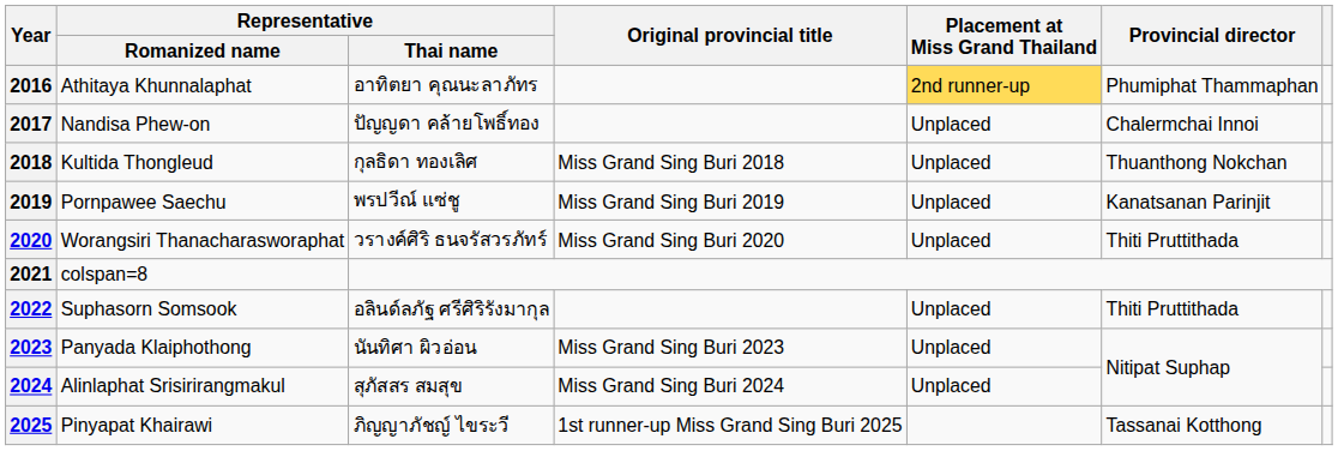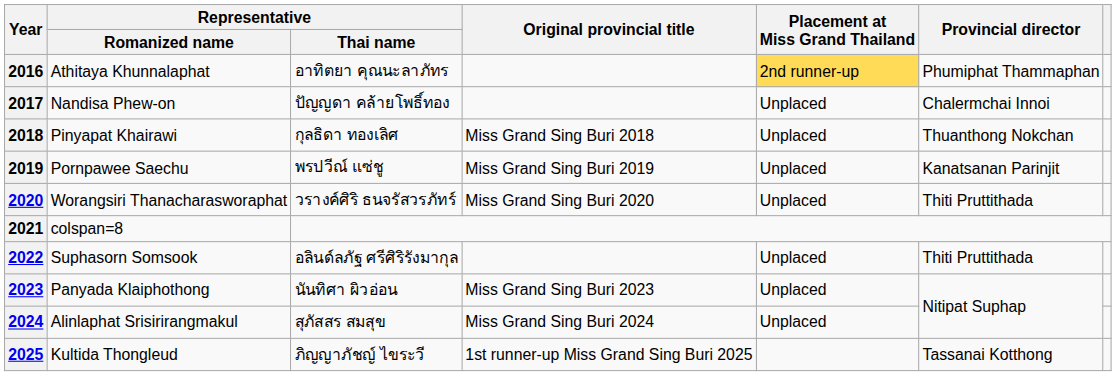 <table class="wikitable defaultcenter col2left col3left col6left" style="font-size:95%;">
 <tr>
 <th rowspan=2>Year</th>
 <th colspan=2>Representative</th>
 <th rowspan=2>Original provincial title</th>
 <th rowspan=2>Placement at<br>Miss Grand Thailand</th>
 <th rowspan=2>Provincial director</th>
 <th rowspan=2></th>
 </tr>
 <tr>
 <th>Romanized name</th>
 <th>Thai name</th>
 </tr>
 <tr>
 <th>2016</th>
 <td>Athitaya Khunnalaphat</td>
 <td>อาทิตยา คุณนะลาภัทร</td>
 <td></td>
 <td bgcolor=#FFDB58>2nd runner-up</td>
 <td>Phumiphat Thammaphan</td>
 <td></td>
 </tr>
 <tr>
 <th>2017</th>
 <td>Nandisa Phew-on</td>
 <td>ปัญญดา คล้ายโพธิ์ทอง</td>
 <td></td>
 <td>Unplaced</td>
 <td>Chalermchai Innoi</td>
 <td></td>
 </tr>
 <tr>
 <th>2018</th>
-<td>Kultida Thongleud</td>
+<td>Pinyapat Khairawi</td>
 <td>กุลธิดา ทองเลิศ</td>
 <td>Miss Grand Sing Buri 2018</td>
 <td>Unplaced</td>
 <td>Thuanthong Nokchan</td>
 <td></td>
 </tr>
 <tr>
 <th>2019</th>
 <td>Pornpawee Saechu</td>
 <td>พรปวีณ์ แซ่ชู</td>
 <td>Miss Grand Sing Buri 2019</td>
 <td>Unplaced</td>
 <td>Kanatsanan Parinjit</td>
 <td></td>
 </tr>
 <tr>
 <th><a href='#'>2020</a></th>
 <td>Worangsiri Thanacharasworaphat</td>
 <td>วรางค์ศิริ ธนจรัสวรภัทร์</td>
 <td>Miss Grand Sing Buri 2020</td>
 <td>Unplaced</td>
 <td>Thiti Pruttithada</td>
 <td></td>
 </tr>
 <tr>
 <th>2021</th>
 <td>colspan=8 </td>
 </tr>
 <tr>
 <th><a href='#'>2022</a></th>
 <td>Suphasorn Somsook</td>
 <td>อลินด์ลภัฐ ศรีศิริรังมากุล</td>
 <td></td>
 <td>Unplaced</td>
 <td>Thiti Pruttithada</td>
 <td></td>
 </tr>
 <tr>
 <th><a href='#'>2023</a></th>
 <td>Panyada Klaiphothong</td>
 <td>นันทิศา ผิวอ่อน</td>
 <td>Miss Grand Sing Buri 2023</td>
 <td>Unplaced</td>
 <td rowspan=2>Nitipat Suphap</td>
 <td></td>
 </tr>
 <tr>
 <th><a href='#'>2024</a></th>
 <td>Alinlaphat Srisirirangmakul</td>
 <td>สุภัสสร สมสุข</td>
 <td>Miss Grand Sing Buri 2024</td>
 <td>Unplaced</td>
 <td></td>
 </tr>
 <tr>
 <th><a href='#'>2025</a></th>
-<td>Pinyapat Khairawi</td>
+<td>Kultida Thongleud</td>
 <td>ภิญญาภัชญ์ ไขระวี</td>
 <td>1st runner-up Miss Grand Sing Buri 2025</td>
 <td></td>
 <td>Tassanai Kotthong</td>
 <td></td>
 </tr>
 </table>
